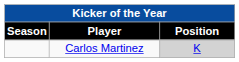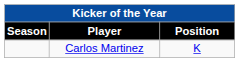 <table class="wikitable sortable" style="text-align:center">
 <tr>
 <td colspan="4" style="background:#084C9E; color:#FFF;"><strong>Kicker of the Year</strong></td>
 </tr>
 <tr>
 <th style="width:50px; background:black; color:#FFF;">Season</th>
 <th style="width:150px; background:black; color:#FFF;">Player</th>
 <th style="width:100px; background:black; color:#FFF;">Position</th>
 </tr>
 <tr>
 <td></td>
 <td><a href='#'>Carlos Martinez</a></td>
-<td style="background: lightgrey;"><a href='#'>K</a></td>
+<td><a href='#'>K</a></td>
 </tr>
 </table>
